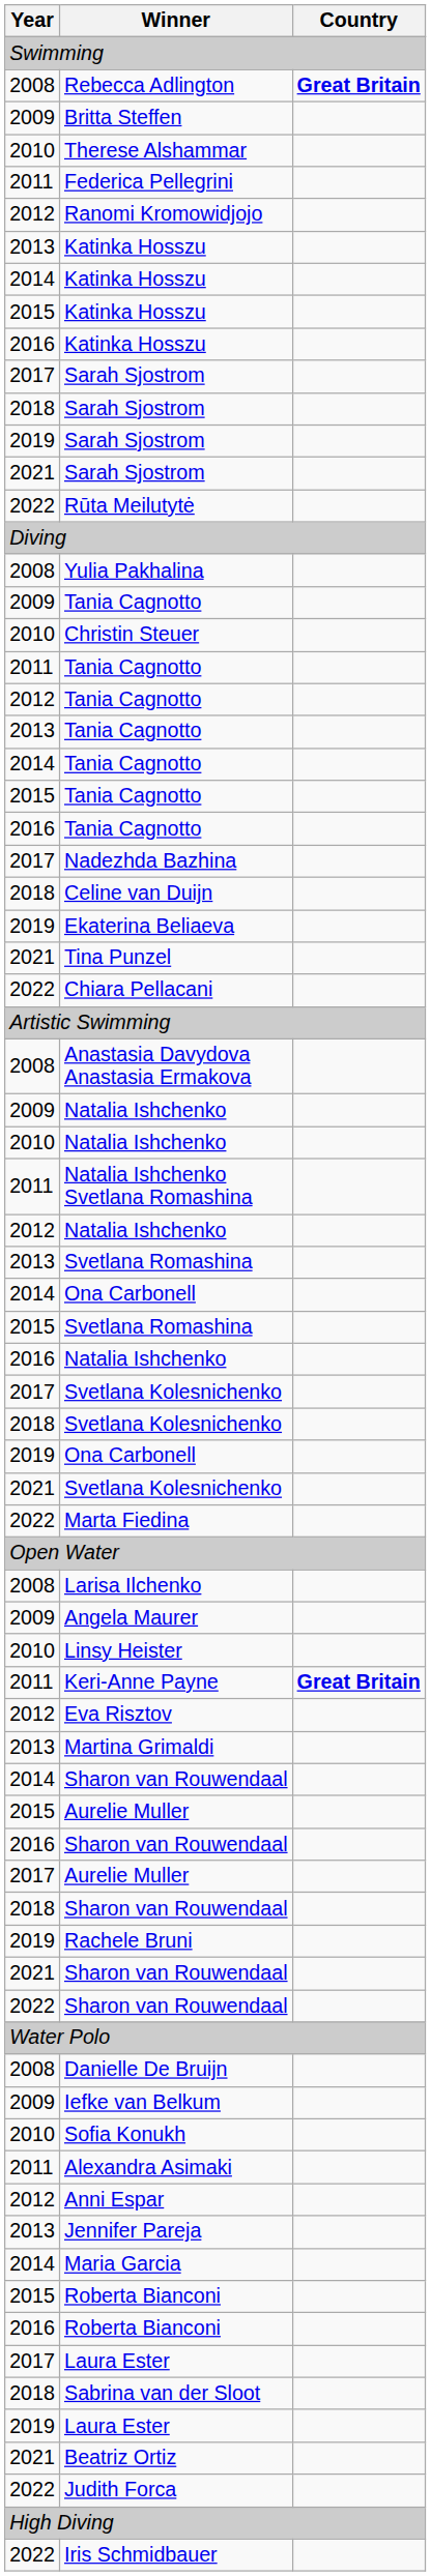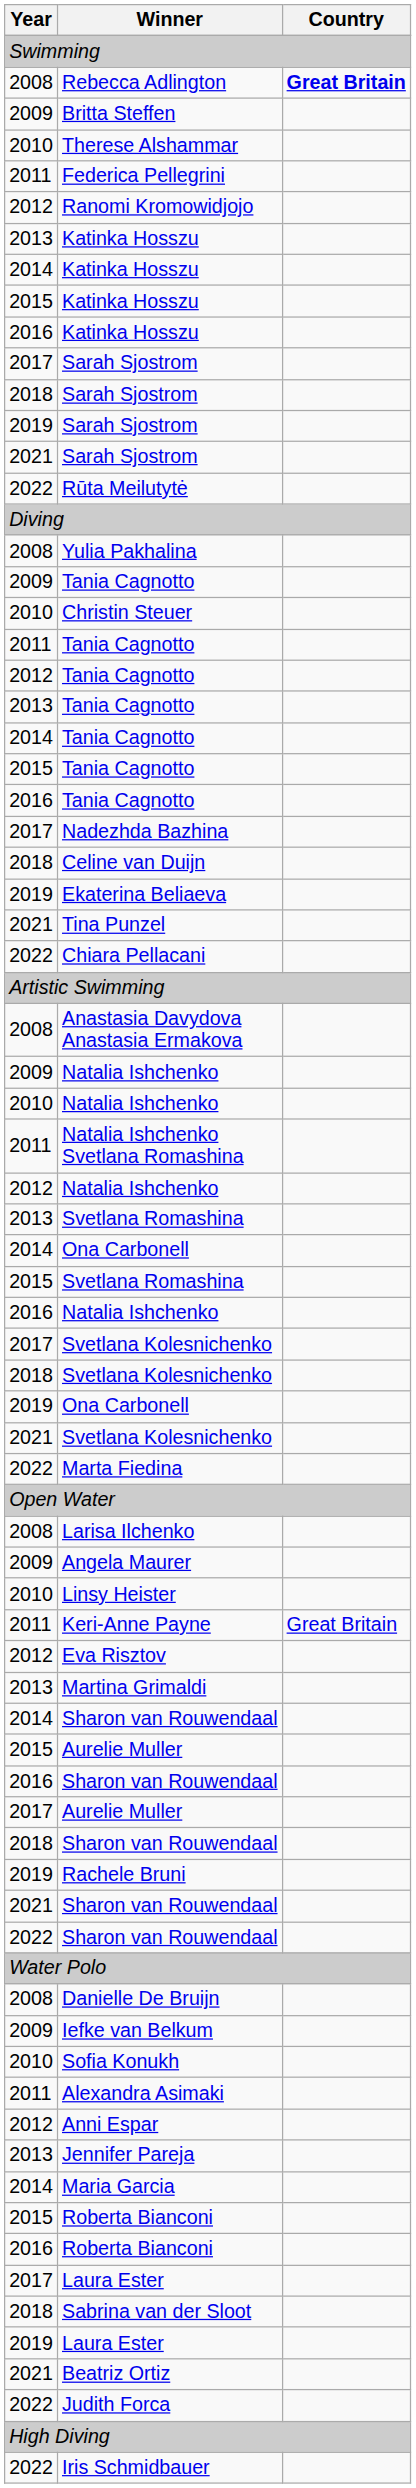 <table class="wikitable sortable">
 <tr>
 <th>Year</th>
 <th>Winner</th>
 <th>Country</th>
 </tr>
 <tr>
 </tr>
 <tr bgcolor="#cccccc">
 <td colspan=7><em>Swimming</em></td>
 </tr>
 <tr>
 <td>2008</td>
 <td><a href='#'>Rebecca Adlington</a></td>
 <td><strong> <a href='#'>Great Britain</a></strong></td>
 </tr>
 <tr>
 <td>2009</td>
 <td><a href='#'>Britta Steffen</a></td>
 <td></td>
 </tr>
 <tr>
 <td>2010</td>
 <td><a href='#'>Therese Alshammar</a></td>
 <td></td>
 </tr>
 <tr>
 <td>2011</td>
 <td><a href='#'>Federica Pellegrini</a></td>
 <td></td>
 </tr>
 <tr>
 <td>2012</td>
 <td><a href='#'>Ranomi Kromowidjojo</a></td>
 <td></td>
 </tr>
 <tr>
 <td>2013</td>
 <td><a href='#'>Katinka Hosszu</a></td>
 <td></td>
 </tr>
 <tr>
 <td>2014</td>
 <td><a href='#'>Katinka Hosszu</a></td>
 <td></td>
 </tr>
 <tr>
 <td>2015</td>
 <td><a href='#'>Katinka Hosszu</a></td>
 <td></td>
 </tr>
 <tr>
 <td>2016</td>
 <td><a href='#'>Katinka Hosszu</a></td>
 <td></td>
 </tr>
 <tr>
 <td>2017</td>
 <td><a href='#'>Sarah Sjostrom</a></td>
 <td></td>
 </tr>
 <tr>
 <td>2018</td>
 <td><a href='#'>Sarah Sjostrom</a></td>
 <td></td>
 </tr>
 <tr>
 <td>2019</td>
 <td><a href='#'>Sarah Sjostrom</a></td>
 <td></td>
 </tr>
 <tr>
 <td>2021</td>
 <td><a href='#'>Sarah Sjostrom</a></td>
 <td></td>
 </tr>
 <tr>
 <td>2022</td>
 <td><a href='#'>Rūta Meilutytė</a></td>
 <td></td>
 </tr>
 <tr bgcolor="#cccccc">
 <td colspan=7><em>Diving</em></td>
 </tr>
 <tr>
 <td>2008</td>
 <td><a href='#'>Yulia Pakhalina</a></td>
 <td></td>
 </tr>
 <tr>
 <td>2009</td>
 <td><a href='#'>Tania Cagnotto</a></td>
 <td></td>
 </tr>
 <tr>
 <td>2010</td>
 <td><a href='#'>Christin Steuer</a></td>
 <td></td>
 </tr>
 <tr>
 <td>2011</td>
 <td><a href='#'>Tania Cagnotto</a></td>
 <td></td>
 </tr>
 <tr>
 <td>2012</td>
 <td><a href='#'>Tania Cagnotto</a></td>
 <td></td>
 </tr>
 <tr>
 <td>2013</td>
 <td><a href='#'>Tania Cagnotto</a></td>
 <td></td>
 </tr>
 <tr>
 <td>2014</td>
 <td><a href='#'>Tania Cagnotto</a></td>
 <td></td>
 </tr>
 <tr>
 <td>2015</td>
 <td><a href='#'>Tania Cagnotto</a></td>
 <td></td>
 </tr>
 <tr>
 <td>2016</td>
 <td><a href='#'>Tania Cagnotto</a></td>
 <td></td>
 </tr>
 <tr>
 <td>2017</td>
 <td><a href='#'>Nadezhda Bazhina</a></td>
 <td></td>
 </tr>
 <tr>
 <td>2018</td>
 <td><a href='#'>Celine van Duijn</a></td>
 <td></td>
 </tr>
 <tr>
 <td>2019</td>
 <td><a href='#'>Ekaterina Beliaeva</a></td>
 <td></td>
 </tr>
 <tr>
 <td>2021</td>
 <td><a href='#'>Tina Punzel</a></td>
 <td></td>
 </tr>
 <tr>
 <td>2022</td>
 <td><a href='#'>Chiara Pellacani</a></td>
 <td></td>
 </tr>
 <tr bgcolor="#cccccc">
 <td colspan=7><em>Artistic Swimming</em></td>
 </tr>
 <tr>
 <td>2008</td>
 <td><a href='#'>Anastasia Davydova</a><br><a href='#'>Anastasia Ermakova</a></td>
 <td></td>
 </tr>
 <tr>
 <td>2009</td>
 <td><a href='#'>Natalia Ishchenko</a></td>
 <td></td>
 </tr>
 <tr>
 <td>2010</td>
 <td><a href='#'>Natalia Ishchenko</a></td>
 <td></td>
 </tr>
 <tr>
 <td>2011</td>
 <td><a href='#'>Natalia Ishchenko</a><br><a href='#'>Svetlana Romashina</a></td>
 <td></td>
 </tr>
 <tr>
 <td>2012</td>
 <td><a href='#'>Natalia Ishchenko</a></td>
 <td></td>
 </tr>
 <tr>
 <td>2013</td>
 <td><a href='#'>Svetlana Romashina</a></td>
 <td></td>
 </tr>
 <tr>
 <td>2014</td>
 <td><a href='#'>Ona Carbonell</a></td>
 <td></td>
 </tr>
 <tr>
 <td>2015</td>
 <td><a href='#'>Svetlana Romashina</a></td>
 <td></td>
 </tr>
 <tr>
 <td>2016</td>
 <td><a href='#'>Natalia Ishchenko</a></td>
 <td></td>
 </tr>
 <tr>
 <td>2017</td>
 <td><a href='#'>Svetlana Kolesnichenko</a></td>
 <td></td>
 </tr>
 <tr>
 <td>2018</td>
 <td><a href='#'>Svetlana Kolesnichenko</a></td>
 <td></td>
 </tr>
 <tr>
 <td>2019</td>
 <td><a href='#'>Ona Carbonell</a></td>
 <td></td>
 </tr>
 <tr>
 <td>2021</td>
 <td><a href='#'>Svetlana Kolesnichenko</a></td>
 <td></td>
 </tr>
 <tr>
 <td>2022</td>
 <td><a href='#'>Marta Fiedina</a></td>
 <td></td>
 </tr>
 <tr bgcolor="#cccccc">
 <td colspan=7><em>Open Water</em></td>
 </tr>
 <tr>
 <td>2008</td>
 <td><a href='#'>Larisa Ilchenko</a></td>
 <td></td>
 </tr>
 <tr>
 <td>2009</td>
 <td><a href='#'>Angela Maurer</a></td>
 <td></td>
 </tr>
 <tr>
 <td>2010</td>
 <td><a href='#'>Linsy Heister</a></td>
 <td></td>
 </tr>
 <tr>
 <td>2011</td>
 <td><a href='#'>Keri-Anne Payne</a></td>
-<td><strong> <a href='#'>Great Britain</a></strong></td>
+<td> <a href='#'>Great Britain</a></td>
 </tr>
 <tr>
 <td>2012</td>
 <td><a href='#'>Eva Risztov</a></td>
 <td></td>
 </tr>
 <tr>
 <td>2013</td>
 <td><a href='#'>Martina Grimaldi</a></td>
 <td></td>
 </tr>
 <tr>
 <td>2014</td>
 <td><a href='#'>Sharon van Rouwendaal</a></td>
 <td></td>
 </tr>
 <tr>
 <td>2015</td>
 <td><a href='#'>Aurelie Muller</a></td>
 <td></td>
 </tr>
 <tr>
 <td>2016</td>
 <td><a href='#'>Sharon van Rouwendaal</a></td>
 <td></td>
 </tr>
 <tr>
 <td>2017</td>
 <td><a href='#'>Aurelie Muller</a></td>
 <td></td>
 </tr>
 <tr>
 <td>2018</td>
 <td><a href='#'>Sharon van Rouwendaal</a></td>
 <td></td>
 </tr>
 <tr>
 <td>2019</td>
 <td><a href='#'>Rachele Bruni</a></td>
 <td></td>
 </tr>
 <tr>
 <td>2021</td>
 <td><a href='#'>Sharon van Rouwendaal</a></td>
 <td></td>
 </tr>
 <tr>
 <td>2022</td>
 <td><a href='#'>Sharon van Rouwendaal</a></td>
 <td></td>
 </tr>
 <tr bgcolor="#cccccc">
 <td colspan=7><em>Water Polo</em></td>
 </tr>
 <tr>
 <td>2008</td>
 <td><a href='#'>Danielle De Bruijn</a></td>
 <td></td>
 </tr>
 <tr>
 <td>2009</td>
 <td><a href='#'>Iefke van Belkum</a></td>
 <td></td>
 </tr>
 <tr>
 <td>2010</td>
 <td><a href='#'>Sofia Konukh</a></td>
 <td></td>
 </tr>
 <tr>
 <td>2011</td>
 <td><a href='#'>Alexandra Asimaki</a></td>
 <td></td>
 </tr>
 <tr>
 <td>2012</td>
 <td><a href='#'>Anni Espar</a></td>
 <td></td>
 </tr>
 <tr>
 <td>2013</td>
 <td><a href='#'>Jennifer Pareja</a></td>
 <td></td>
 </tr>
 <tr>
 <td>2014</td>
 <td><a href='#'>Maria Garcia</a></td>
 <td></td>
 </tr>
 <tr>
 <td>2015</td>
 <td><a href='#'>Roberta Bianconi</a></td>
 <td></td>
 </tr>
 <tr>
 <td>2016</td>
 <td><a href='#'>Roberta Bianconi</a></td>
 <td></td>
 </tr>
 <tr>
 <td>2017</td>
 <td><a href='#'>Laura Ester</a></td>
 <td></td>
 </tr>
 <tr>
 <td>2018</td>
 <td><a href='#'>Sabrina van der Sloot</a></td>
 <td></td>
 </tr>
 <tr>
 <td>2019</td>
 <td><a href='#'>Laura Ester</a></td>
 <td></td>
 </tr>
 <tr>
 <td>2021</td>
 <td><a href='#'>Beatriz Ortiz</a></td>
 <td></td>
 </tr>
 <tr>
 <td>2022</td>
 <td><a href='#'>Judith Forca</a></td>
 <td></td>
 </tr>
 <tr bgcolor="#cccccc">
 <td colspan=7><em>High Diving</em></td>
 </tr>
 <tr>
 <td>2022</td>
 <td><a href='#'>Iris Schmidbauer</a></td>
 <td></td>
 </tr>
 </table>
